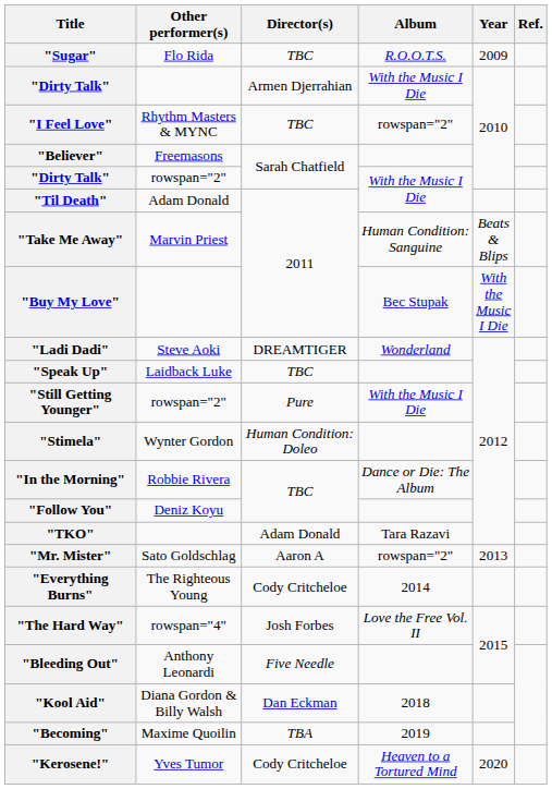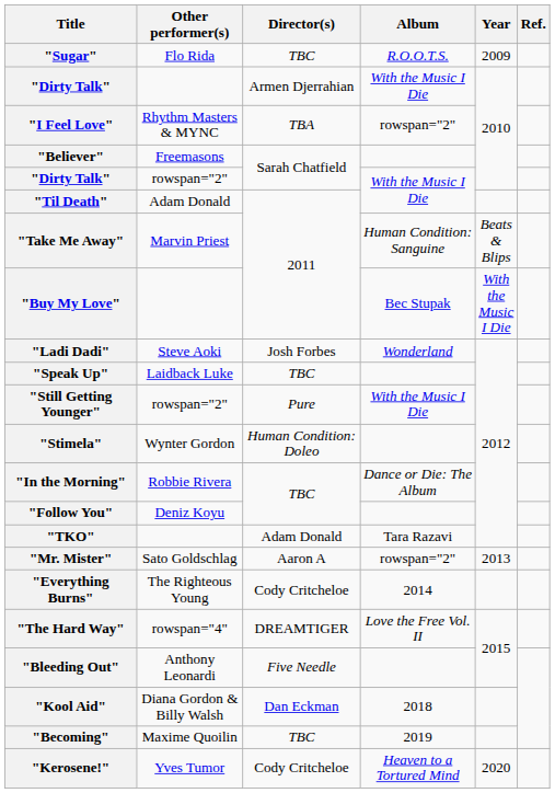 <table class="wikitable sortable plainrowheaders" style="text-align: center;">
 <tr>
 <th scope="col" style="width: 18em;">Title</th>
 <th scope="col" style="width: 11em;">Other performer(s)</th>
 <th scope="col" style="width: 11em;">Director(s)</th>
 <th scope="col" style="width: 14em;">Album</th>
 <th scope="col" style="width: 2em;">Year</th>
 <th scope="col" style="width: 2em;" class="unsortable">Ref.</th>
 </tr>
 <tr>
 <th scope="row">"<a href='#'>Sugar</a>"</th>
 <td><a href='#'>Flo Rida</a></td>
 <td><em>TBC</em></td>
 <td><em><a href='#'>R.O.O.T.S.</a></em></td>
 <td>2009</td>
 <td></td>
 </tr>
 <tr>
 <th scope="row">"<a href='#'>Dirty Talk</a>"</th>
 <td></td>
 <td>Armen Djerrahian</td>
 <td><em><a href='#'>With the Music I Die</a></em></td>
 <td rowspan="4">2010</td>
 <td></td>
 </tr>
 <tr>
 <th scope="row">"<a href='#'>I Feel Love</a>"</th>
 <td><a href='#'>Rhythm Masters</a> & MYNC</td>
-<td><em>TBC</em></td>
+<td><em>TBA</em></td>
 <td>rowspan="2" </td>
 <td></td>
 </tr>
 <tr>
 <th scope="row">"Believer"</th>
 <td><a href='#'>Freemasons</a></td>
 <td rowspan="2">Sarah Chatfield</td>
 <td></td>
 </tr>
 <tr>
 <th scope="row">"<a href='#'>Dirty Talk</a>"</th>
 <td>rowspan="2" </td>
 <td rowspan="2"><em><a href='#'>With the Music I Die</a></em></td>
 <td></td>
 </tr>
 <tr>
 <th scope="row">"<a href='#'>Til Death</a>"</th>
 <td>Adam Donald</td>
 <td rowspan="3">2011</td>
 <td></td>
 </tr>
 <tr>
 <th scope="row">"Take Me Away"</th>
 <td><a href='#'>Marvin Priest</a></td>
 <td><em>Human Condition: Sanguine</em></td>
 <td><em>Beats & Blips</em></td>
 <td></td>
 </tr>
 <tr>
 <th scope="row">"<a href='#'>Buy My Love</a>"</th>
 <td></td>
 <td><a href='#'>Bec Stupak</a></td>
 <td><em><a href='#'>With the Music I Die</a></em></td>
 <td></td>
 </tr>
 <tr>
 <th scope="row">"Ladi Dadi"</th>
 <td><a href='#'>Steve Aoki</a></td>
-<td>DREAMTIGER</td>
+<td>Josh Forbes</td>
 <td><em><a href='#'>Wonderland</a></em></td>
 <td rowspan="7">2012</td>
 <td></td>
 </tr>
 <tr>
 <th scope="row">"Speak Up"</th>
 <td><a href='#'>Laidback Luke</a></td>
 <td><em>TBC</em></td>
 <td></td>
 <td></td>
 </tr>
 <tr>
 <th scope="row">"Still Getting Younger"</th>
 <td>rowspan="2" </td>
 <td><em>Pure</em></td>
 <td><em><a href='#'>With the Music I Die</a></em></td>
 <td></td>
 </tr>
 <tr>
 <th scope="row">"Stimela"</th>
 <td>Wynter Gordon</td>
 <td><em>Human Condition: Doleo</em></td>
 <td></td>
 </tr>
 <tr>
 <th scope="row">"In the Morning"</th>
 <td><a href='#'>Robbie Rivera</a></td>
 <td rowspan="2"><em>TBC</em></td>
 <td><em>Dance or Die: The Album</em></td>
 <td></td>
 </tr>
 <tr>
 <th scope="row">"Follow You"</th>
 <td><a href='#'>Deniz Koyu</a></td>
 <td></td>
 <td></td>
 </tr>
 <tr>
 <th scope="row">"TKO"</th>
 <td></td>
 <td>Adam Donald</td>
 <td>Tara Razavi</td>
 <td></td>
 </tr>
 <tr>
 <th scope="row">"Mr. Mister"</th>
 <td>Sato Goldschlag</td>
 <td>Aaron A</td>
 <td>rowspan="2" </td>
 <td>2013</td>
 <td></td>
 </tr>
 <tr>
 <th scope="row">"Everything Burns"</th>
 <td>The Righteous Young</td>
 <td>Cody Critcheloe</td>
 <td>2014</td>
 <td></td>
 </tr>
 <tr>
 <th scope="row">"The Hard Way"</th>
 <td>rowspan="4" </td>
-<td>Josh Forbes</td>
+<td>DREAMTIGER</td>
 <td><em>Love the Free Vol. II</em></td>
 <td rowspan="2">2015</td>
 <td></td>
 </tr>
 <tr>
 <th scope="row">"Bleeding Out"</th>
 <td>Anthony Leonardi</td>
 <td><em>Five Needle</em></td>
 <td></td>
 </tr>
 <tr>
 <th scope="row">"Kool Aid"</th>
 <td>Diana Gordon & Billy Walsh</td>
 <td><a href='#'>Dan Eckman</a></td>
 <td>2018</td>
 <td></td>
 </tr>
 <tr>
 <th scope="row">"Becoming"</th>
 <td>Maxime Quoilin</td>
-<td><em>TBA</em></td>
+<td><em>TBC</em></td>
 <td>2019</td>
 <td></td>
 </tr>
 <tr>
 <th scope="row">"Kerosene!"</th>
 <td><a href='#'>Yves Tumor</a></td>
 <td>Cody Critcheloe</td>
 <td><em><a href='#'>Heaven to a Tortured Mind</a></em></td>
 <td>2020</td>
 <td></td>
 </tr>
 </table>
